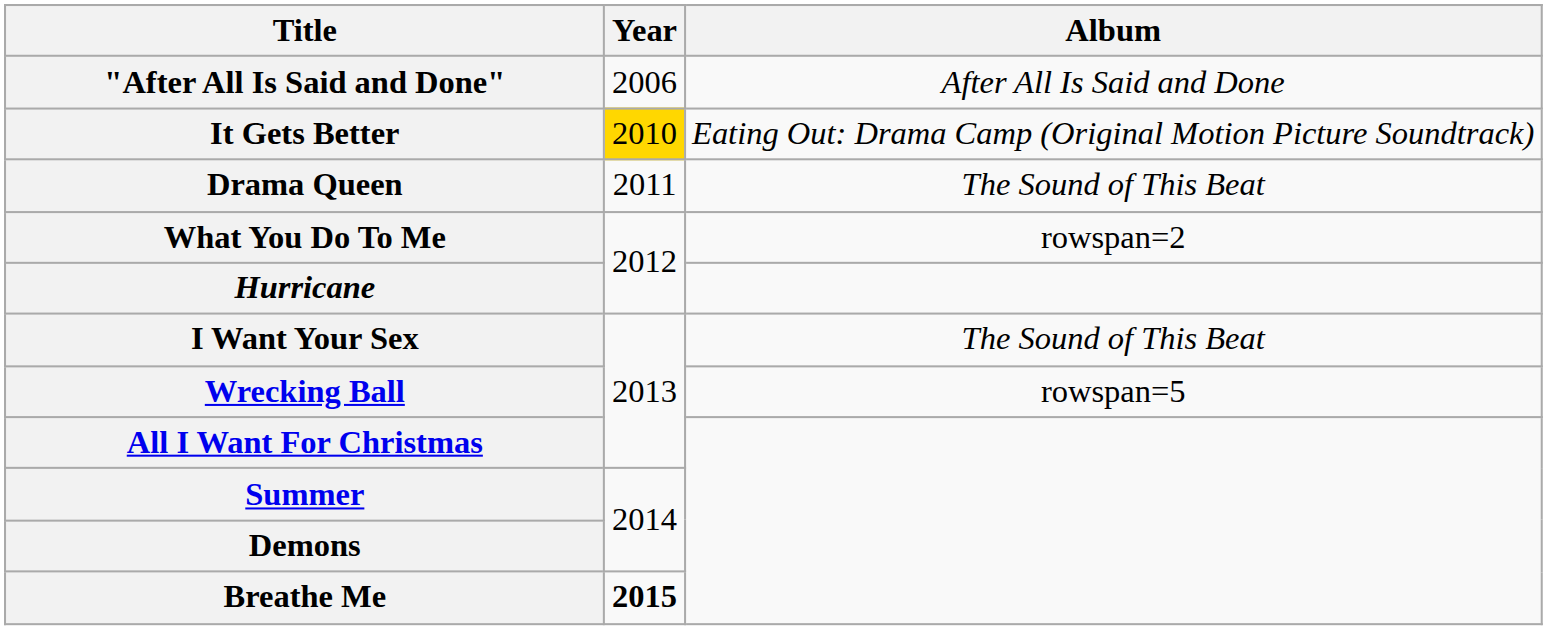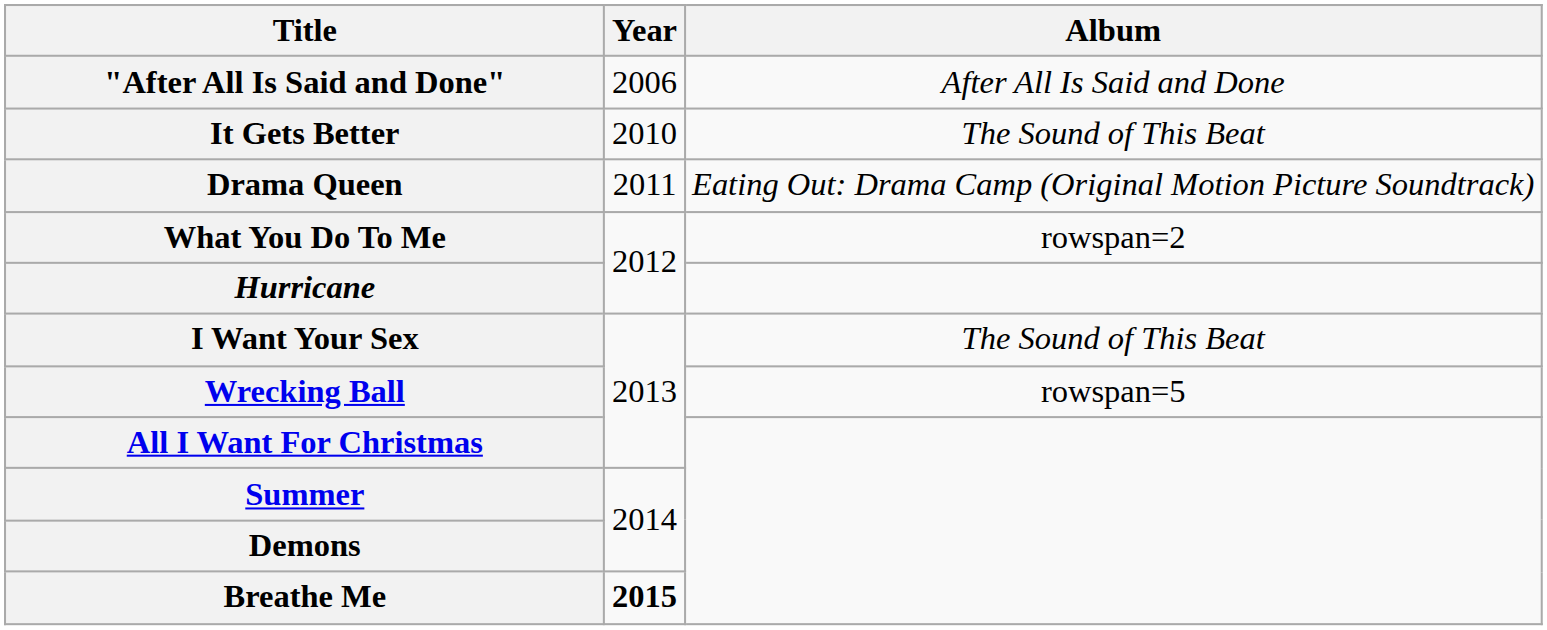 <table class="wikitable plainrowheaders" style="text-align:center;">
 <tr>
 <th scope="col" style="width:18em;">Title</th>
 <th scope="col">Year</th>
 <th scope="col">Album</th>
 </tr>
 <tr>
 <th scope="row">"After All Is Said and Done"</th>
 <td rowspan="1">2006</td>
 <td><em>After All Is Said and Done</em></td>
 </tr>
 <tr>
 <th scope="row">It Gets Better</th>
-<td style="background: gold;">2010</td>
-<td><em>Eating Out: Drama Camp (Original Motion Picture Soundtrack)</em></td>
+<td>2010</td>
+<td><em>The Sound of This Beat</em></td>
 </tr>
 <tr>
 <th scope="row">Drama Queen</th>
 <td>2011</td>
-<td><em>The Sound of This Beat</em></td>
+<td><em>Eating Out: Drama Camp (Original Motion Picture Soundtrack)</em></td>
 </tr>
 <tr>
 <th scope="row">What You Do To Me</th>
 <td rowspan=2>2012</td>
 <td>rowspan=2 </td>
 </tr>
 <tr>
 <th scope="row"><em>Hurricane</em></th>
 </tr>
 <tr>
 <th scope="row">I Want Your Sex</th>
 <td rowspan=3>2013</td>
 <td><em>The Sound of This Beat</em></td>
 </tr>
 <tr>
 <th scope="row"><a href='#'>Wrecking Ball</a></th>
 <td>rowspan=5 </td>
 </tr>
 <tr>
 <th scope="row"><a href='#'>All I Want For Christmas</a></th>
 </tr>
 <tr>
 <th scope="row"><a href='#'>Summer</a></th>
 <td rowspan=2>2014</td>
 </tr>
 <tr>
 <th scope="row">Demons</th>
 </tr>
 <tr>
 <th scope="row">Breathe Me<em><br></th>
 <td><strong>2015</strong></td>
 </tr>
 </table>
